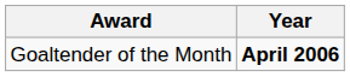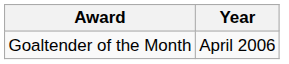 <table class="wikitable">
 <tr>
 <th>Award</th>
 <th>Year</th>
 </tr>
 <tr>
 <td>Goaltender of the Month</td>
-<td><strong>April 2006</strong></td>
+<td>April 2006</td>
 </tr>
 </table>
